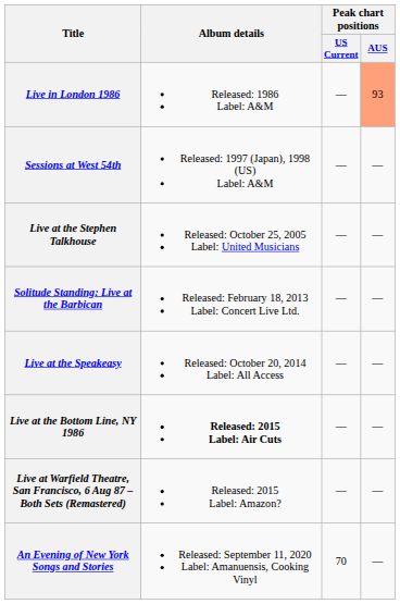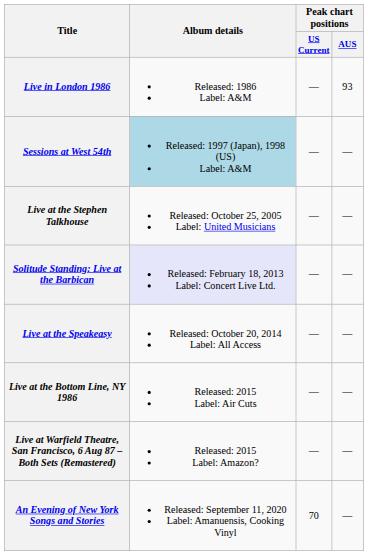 <table class="wikitable plainrowheaders" style="text-align:center;" border="1">
 <tr>
 <th scope="col" rowspan="2" style="width:12em;">Title</th>
 <th scope="col" rowspan="2" style="width:16em;">Album details</th>
 <th scope="col" colspan="2">Peak chart positions</th>
 </tr>
 <tr>
 <th scope="col" style="width:3em;font-size:90%;"><a href='#'>US<br>Current</a><br></th>
 <th scope="col" style="width:3em;font-size:90%;"><a href='#'>AUS</a><br></th>
 </tr>
 <tr>
 <th scope="row"><em><a href='#'>Live in London 1986</a></em></th>
 <td><br><ul><li>Released: 1986</li><li>Label: A&M</li></ul></td>
 <td>—</td>
-<td style="background: lightsalmon;">93</td>
+<td>93</td>
 </tr>
 <tr>
 <th scope="row"><em><a href='#'>Sessions at West 54th</a></em></th>
-<td><br><ul><li>Released: 1997 (Japan), 1998 (US)</li><li>Label: A&M</li></ul></td>
+<td style="background: lightblue;"><br><ul><li>Released: 1997 (Japan), 1998 (US)</li><li>Label: A&M</li></ul></td>
 <td>—</td>
 <td>—</td>
 </tr>
 <tr>
 <th scope="row"><em>Live at the Stephen Talkhouse</em></th>
 <td><br><ul><li>Released: October 25, 2005</li><li>Label: <a href='#'>United Musicians</a></li></ul></td>
 <td>—</td>
 <td>—</td>
 </tr>
 <tr>
 <th scope="row"><em><a href='#'>Solitude Standing: Live at the Barbican</a></em></th>
-<td><br><ul><li>Released: February 18, 2013</li><li>Label: Concert Live Ltd.</li></ul></td>
+<td style="background: lavender;"><br><ul><li>Released: February 18, 2013</li><li>Label: Concert Live Ltd.</li></ul></td>
 <td>—</td>
 <td>—</td>
 </tr>
 <tr>
 <th scope="row"><em><a href='#'>Live at the Speakeasy</a></em></th>
 <td><br><ul><li>Released: October 20, 2014</li><li>Label: All Access</li></ul></td>
 <td>—</td>
 <td>—</td>
 </tr>
 <tr>
 <th scope="row"><em>Live at the Bottom Line, NY 1986</em></th>
-<td><strong><br><ul><li>Released: 2015</li><li>Label: Air Cuts</li></ul></strong></td>
+<td><br><ul><li>Released: 2015</li><li>Label: Air Cuts</li></ul></td>
 <td>—</td>
 <td>—</td>
 </tr>
 <tr>
 <th scope="row"><em>Live at Warfield Theatre, San Francisco, 6 Aug 87 – Both Sets (Remastered)</em></th>
 <td><br><ul><li>Released: 2015</li><li>Label: Amazon?</li></ul></td>
 <td>—</td>
 <td>—</td>
 </tr>
 <tr>
 <th scope="row"><em><a href='#'>An Evening of New York Songs and Stories</a></em></th>
 <td><br><ul><li>Released: September 11, 2020</li><li>Label: Amanuensis, Cooking Vinyl</li></ul></td>
 <td>70</td>
 <td>—</td>
 </tr>
 </table>
